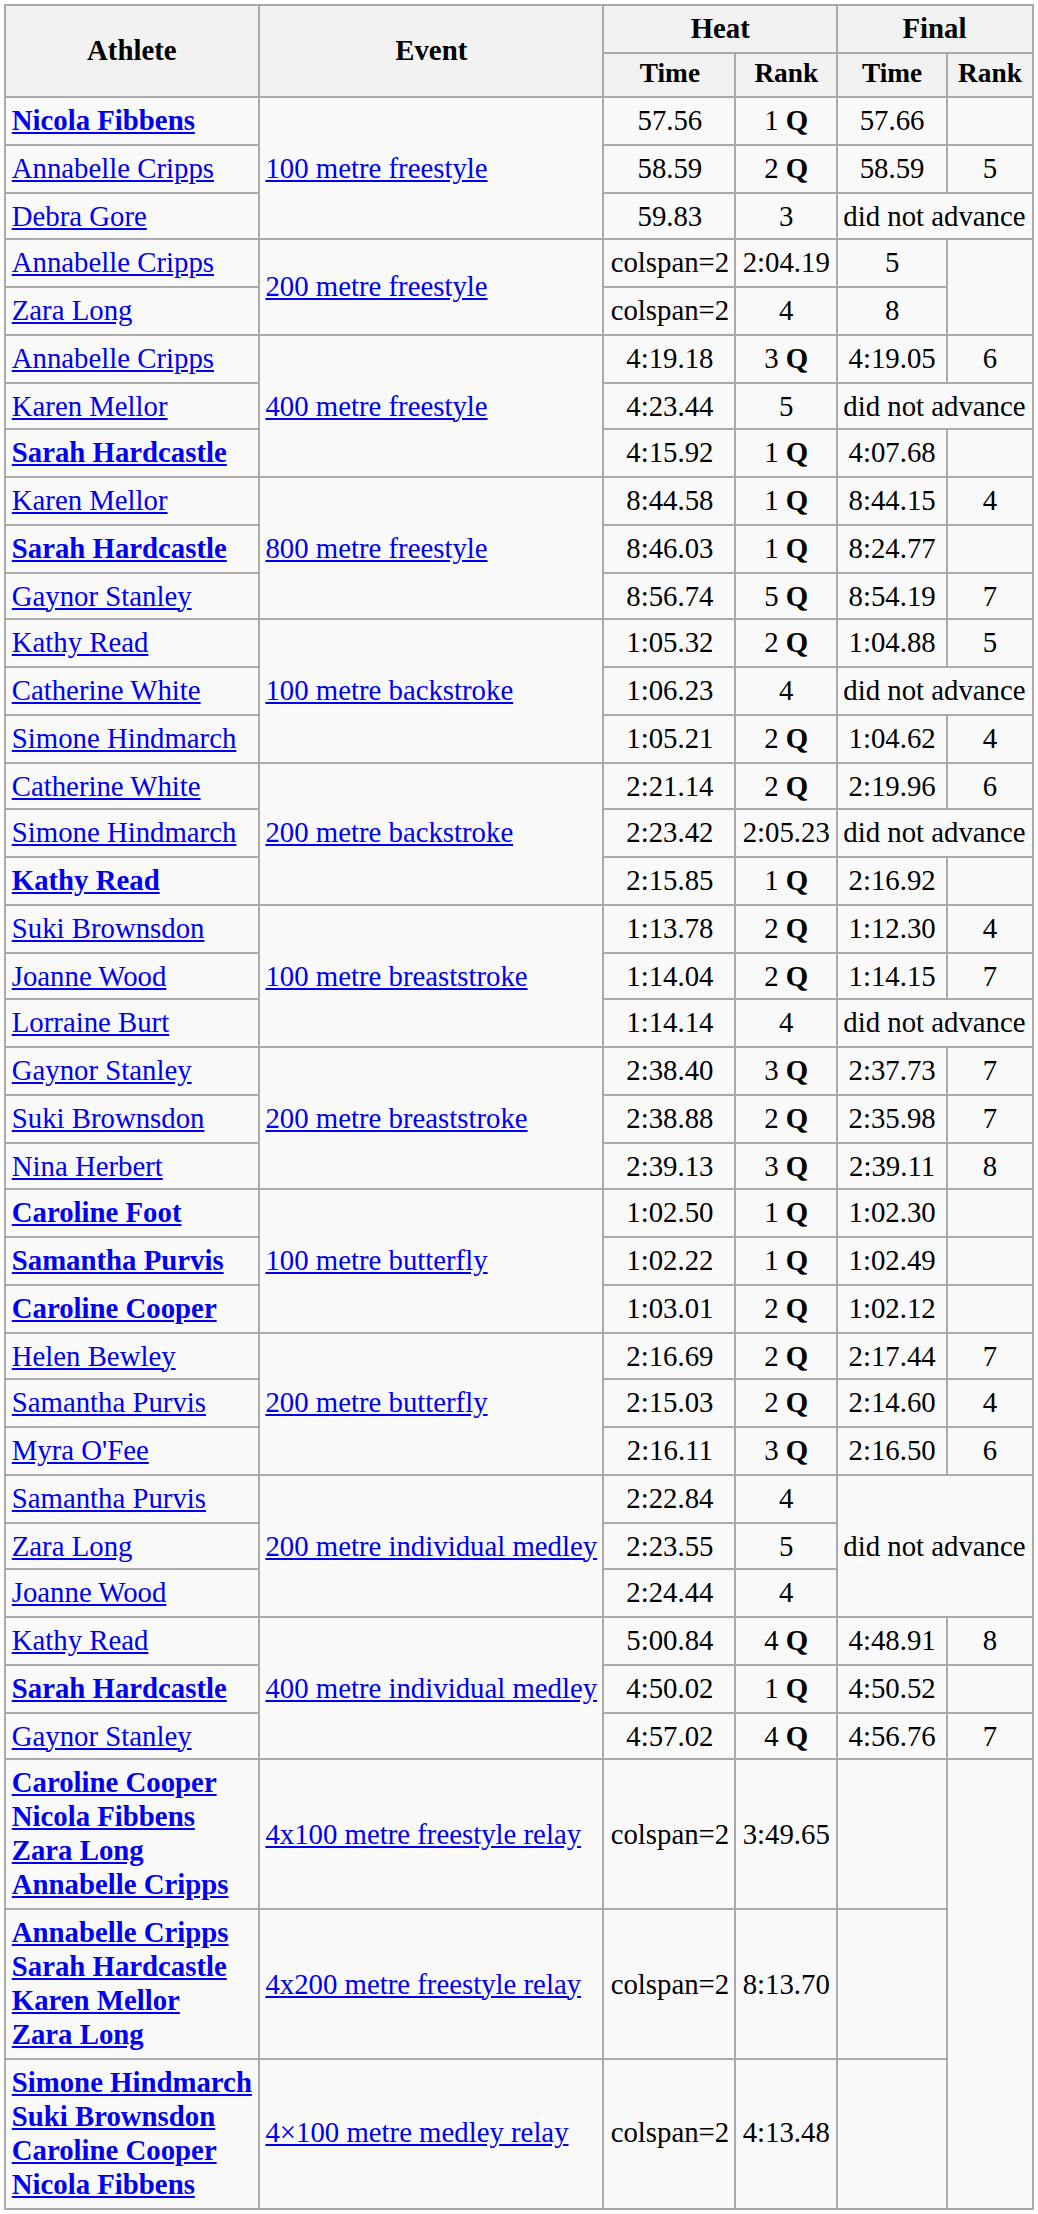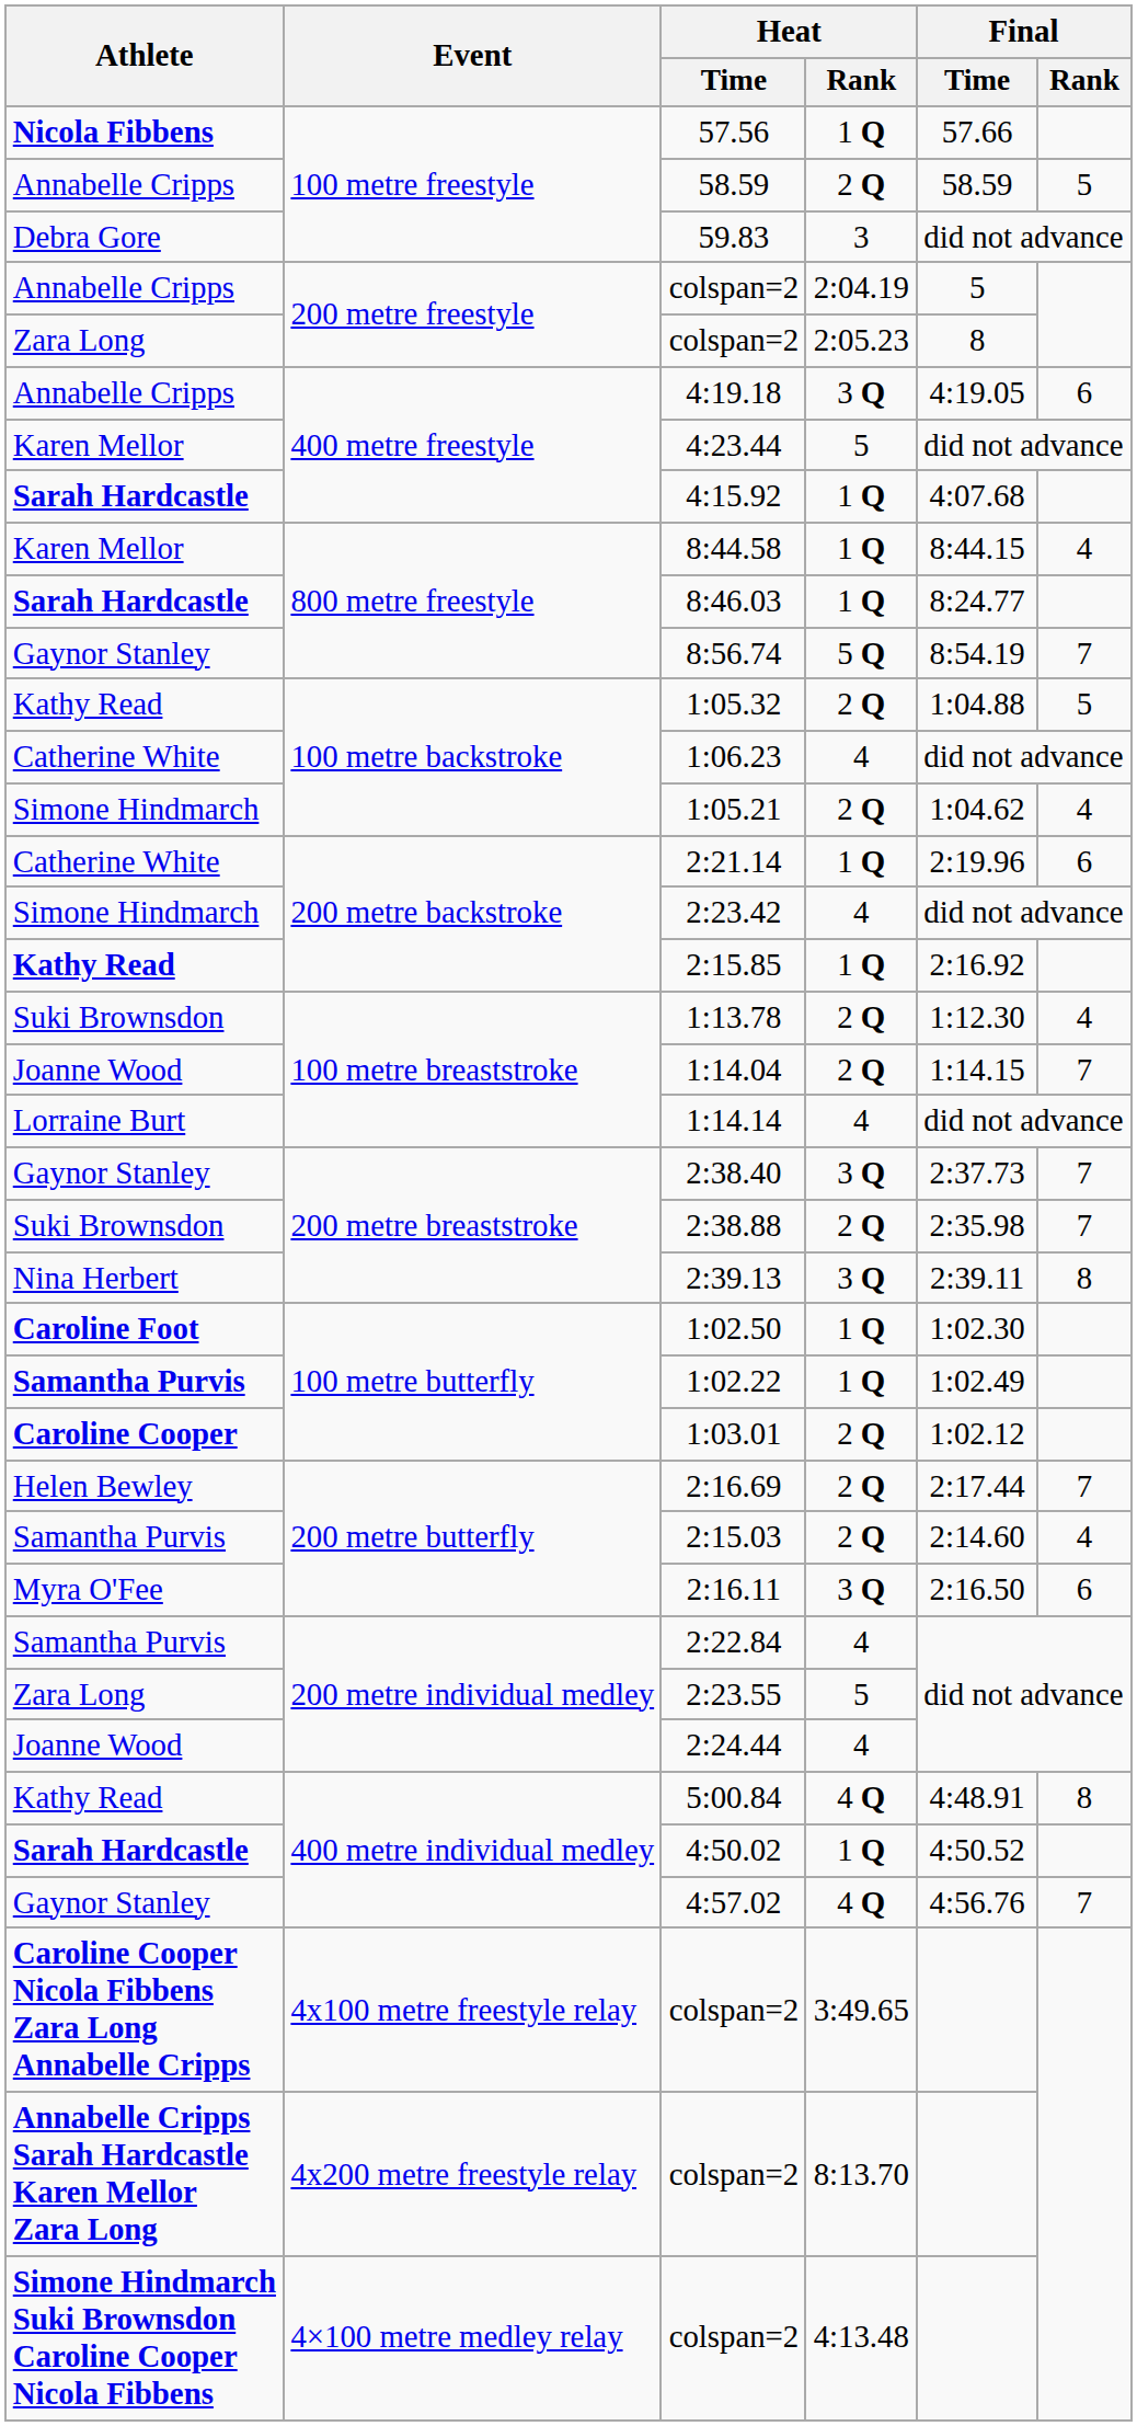 <table class=wikitable style=font-size:90%>
 <tr>
 <th rowspan=2>Athlete</th>
 <th rowspan=2>Event</th>
 <th colspan=2>Heat</th>
 <th colspan=2>Final</th>
 </tr>
 <tr style=font-size:95%>
 <th>Time</th>
 <th>Rank</th>
 <th>Time</th>
 <th>Rank</th>
 </tr>
 <tr align=center>
 <td align=left><strong><a href='#'>Nicola Fibbens</a></strong></td>
 <td align=left rowspan=3><a href='#'>100 metre freestyle</a></td>
 <td>57.56</td>
 <td>1 <strong>Q</strong></td>
 <td>57.66</td>
 <td></td>
 </tr>
 <tr align=center>
 <td align=left><a href='#'>Annabelle Cripps</a></td>
 <td>58.59</td>
 <td>2 <strong>Q</strong></td>
 <td>58.59</td>
 <td>5</td>
 </tr>
 <tr align=center>
 <td align=left><a href='#'>Debra Gore</a></td>
 <td>59.83</td>
 <td>3</td>
 <td colspan=2>did not advance</td>
 </tr>
 <tr align=center>
 <td align=left><a href='#'>Annabelle Cripps</a></td>
 <td align=left rowspan=2><a href='#'>200 metre freestyle</a></td>
 <td>colspan=2 </td>
 <td>2:04.19</td>
 <td>5</td>
 </tr>
 <tr align=center>
 <td align=left><a href='#'>Zara Long</a></td>
 <td>colspan=2 </td>
-<td>4</td>
+<td>2:05.23</td>
 <td>8</td>
 </tr>
 <tr align=center>
 <td align=left><a href='#'>Annabelle Cripps</a></td>
 <td align=left rowspan=3><a href='#'>400 metre freestyle</a></td>
 <td>4:19.18</td>
 <td>3 <strong>Q</strong></td>
 <td>4:19.05</td>
 <td>6</td>
 </tr>
 <tr align=center>
 <td align=left><a href='#'>Karen Mellor</a></td>
 <td>4:23.44</td>
 <td>5</td>
 <td colspan=2>did not advance</td>
 </tr>
 <tr align=center>
 <td align=left><strong><a href='#'>Sarah Hardcastle</a></strong></td>
 <td>4:15.92</td>
 <td>1 <strong>Q</strong></td>
 <td>4:07.68</td>
 <td></td>
 </tr>
 <tr align=center>
 <td align=left><a href='#'>Karen Mellor</a></td>
 <td align=left rowspan=3><a href='#'>800 metre freestyle</a></td>
 <td>8:44.58</td>
 <td>1 <strong>Q</strong></td>
 <td>8:44.15</td>
 <td>4</td>
 </tr>
 <tr align=center>
 <td align=left><strong><a href='#'>Sarah Hardcastle</a></strong></td>
 <td>8:46.03</td>
 <td>1 <strong>Q</strong></td>
 <td>8:24.77</td>
 <td></td>
 </tr>
 <tr align=center>
 <td align=left><a href='#'>Gaynor Stanley</a></td>
 <td>8:56.74</td>
 <td>5 <strong>Q</strong></td>
 <td>8:54.19</td>
 <td>7</td>
 </tr>
 <tr align=center>
 <td align=left><a href='#'>Kathy Read</a></td>
 <td align=left rowspan=3><a href='#'>100 metre backstroke</a></td>
 <td>1:05.32</td>
 <td>2 <strong>Q</strong></td>
 <td>1:04.88</td>
 <td>5</td>
 </tr>
 <tr align=center>
 <td align=left><a href='#'>Catherine White</a></td>
 <td>1:06.23</td>
 <td>4</td>
 <td colspan=2>did not advance</td>
 </tr>
 <tr align=center>
 <td align=left><a href='#'>Simone Hindmarch</a></td>
 <td>1:05.21</td>
 <td>2 <strong>Q</strong></td>
 <td>1:04.62</td>
 <td>4</td>
 </tr>
 <tr align=center>
 <td align=left><a href='#'>Catherine White</a></td>
 <td align=left rowspan=3><a href='#'>200 metre backstroke</a></td>
 <td>2:21.14</td>
-<td>2 <strong>Q</strong></td>
+<td>1 <strong>Q</strong></td>
 <td>2:19.96</td>
 <td>6</td>
 </tr>
 <tr align=center>
 <td align=left><a href='#'>Simone Hindmarch</a></td>
 <td>2:23.42</td>
-<td>2:05.23</td>
+<td>4</td>
 <td colspan=2>did not advance</td>
 </tr>
 <tr align=center>
 <td align=left><strong><a href='#'>Kathy Read</a></strong></td>
 <td>2:15.85</td>
 <td>1 <strong>Q</strong></td>
 <td>2:16.92</td>
 <td></td>
 </tr>
 <tr align=center>
 <td align=left><a href='#'>Suki Brownsdon</a></td>
 <td align=left rowspan=3><a href='#'>100 metre breaststroke</a></td>
 <td>1:13.78</td>
 <td>2 <strong>Q</strong></td>
 <td>1:12.30</td>
 <td>4</td>
 </tr>
 <tr align=center>
 <td align=left><a href='#'>Joanne Wood</a></td>
 <td>1:14.04</td>
 <td>2 <strong>Q</strong></td>
 <td>1:14.15</td>
 <td>7</td>
 </tr>
 <tr align=center>
 <td align=left><a href='#'>Lorraine Burt</a></td>
 <td>1:14.14</td>
 <td>4</td>
 <td colspan=2>did not advance</td>
 </tr>
 <tr align=center>
 <td align=left><a href='#'>Gaynor Stanley</a></td>
 <td align=left rowspan=3><a href='#'>200 metre breaststroke</a></td>
 <td>2:38.40</td>
 <td>3 <strong>Q</strong></td>
 <td>2:37.73</td>
 <td>7</td>
 </tr>
 <tr align=center>
 <td align=left><a href='#'>Suki Brownsdon</a></td>
 <td>2:38.88</td>
 <td>2 <strong>Q</strong></td>
 <td>2:35.98</td>
 <td>7</td>
 </tr>
 <tr align=center>
 <td align=left><a href='#'>Nina Herbert</a></td>
 <td>2:39.13</td>
 <td>3 <strong>Q</strong></td>
 <td>2:39.11</td>
 <td>8</td>
 </tr>
 <tr align=center>
 <td align=left><strong><a href='#'>Caroline Foot</a></strong></td>
 <td align=left rowspan=3><a href='#'>100 metre butterfly</a></td>
 <td>1:02.50</td>
 <td>1 <strong>Q</strong></td>
 <td>1:02.30</td>
 <td></td>
 </tr>
 <tr align=center>
 <td align=left><strong><a href='#'>Samantha Purvis</a></strong></td>
 <td>1:02.22</td>
 <td>1 <strong>Q</strong></td>
 <td>1:02.49</td>
 <td></td>
 </tr>
 <tr align=center>
 <td align=left><strong><a href='#'>Caroline Cooper</a></strong></td>
 <td>1:03.01</td>
 <td>2 <strong>Q</strong></td>
 <td>1:02.12</td>
 <td></td>
 </tr>
 <tr align=center>
 <td align=left><a href='#'>Helen Bewley</a></td>
 <td align=left rowspan=3><a href='#'>200 metre butterfly</a></td>
 <td>2:16.69</td>
 <td>2 <strong>Q</strong></td>
 <td>2:17.44</td>
 <td>7</td>
 </tr>
 <tr align=center>
 <td align=left><a href='#'>Samantha Purvis</a></td>
 <td>2:15.03</td>
 <td>2 <strong>Q</strong></td>
 <td>2:14.60</td>
 <td>4</td>
 </tr>
 <tr align=center>
 <td align=left><a href='#'>Myra O'Fee</a></td>
 <td>2:16.11</td>
 <td>3 <strong>Q</strong></td>
 <td>2:16.50</td>
 <td>6</td>
 </tr>
 <tr align=center>
 <td align=left><a href='#'>Samantha Purvis</a></td>
 <td align=left rowspan=3><a href='#'>200 metre individual medley</a></td>
 <td>2:22.84</td>
 <td>4</td>
 <td colspan=3 rowspan=3>did not advance</td>
 </tr>
 <tr align=center>
 <td align=left><a href='#'>Zara Long</a></td>
 <td>2:23.55</td>
 <td>5</td>
 </tr>
 <tr align=center>
 <td align=left><a href='#'>Joanne Wood</a></td>
 <td>2:24.44</td>
 <td>4</td>
 </tr>
 <tr align=center>
 <td align=left><a href='#'>Kathy Read</a></td>
 <td align=left rowspan=3><a href='#'>400 metre individual medley</a></td>
 <td>5:00.84</td>
 <td>4 <strong>Q</strong></td>
 <td>4:48.91</td>
 <td>8</td>
 </tr>
 <tr align=center>
 <td align=left><strong><a href='#'>Sarah Hardcastle</a></strong></td>
 <td>4:50.02</td>
 <td>1 <strong>Q</strong></td>
 <td>4:50.52</td>
 <td></td>
 </tr>
 <tr align=center>
 <td align=left><a href='#'>Gaynor Stanley</a></td>
 <td>4:57.02</td>
 <td>4 <strong>Q</strong></td>
 <td>4:56.76</td>
 <td>7</td>
 </tr>
 <tr align=center>
 <td align=left><strong><a href='#'>Caroline Cooper</a></strong><br><strong><a href='#'>Nicola Fibbens</a></strong><br><strong><a href='#'>Zara Long</a></strong><br><strong><a href='#'>Annabelle Cripps</a></strong></td>
 <td align=left><a href='#'>4x100 metre freestyle relay</a></td>
 <td>colspan=2 </td>
 <td>3:49.65</td>
 <td></td>
 </tr>
 <tr align=center>
 <td align=left><strong><a href='#'>Annabelle Cripps</a></strong><br><strong><a href='#'>Sarah Hardcastle</a></strong><br><strong><a href='#'>Karen Mellor</a></strong><br><strong><a href='#'>Zara Long</a></strong></td>
 <td align=left><a href='#'>4x200 metre freestyle relay</a></td>
 <td>colspan=2 </td>
 <td>8:13.70</td>
 <td></td>
 </tr>
 <tr align=center>
 <td align=left><strong><a href='#'>Simone Hindmarch</a></strong><br><strong><a href='#'>Suki Brownsdon</a></strong><br><strong><a href='#'>Caroline Cooper</a></strong><br><strong><a href='#'>Nicola Fibbens</a></strong></td>
 <td align=left><a href='#'>4×100 metre medley relay</a></td>
 <td>colspan=2 </td>
 <td>4:13.48</td>
 <td></td>
 </tr>
 </table>
